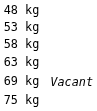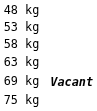 <table>
 <tr>
 <td rowspan=2>48 kg<br></td>
 <td rowspan=2></td>
 <td rowspan=2></td>
 <td></td>
 </tr>
 <tr>
 <td></td>
 </tr>
 <tr>
 <td rowspan=2>53 kg<br></td>
 <td rowspan=2></td>
 <td rowspan=2></td>
 <td></td>
 </tr>
 <tr>
 <td></td>
 </tr>
 <tr>
 <td rowspan=2>58 kg<br></td>
 <td rowspan=2></td>
 <td rowspan=2></td>
 <td></td>
 </tr>
 <tr>
 <td></td>
 </tr>
 <tr>
 <td rowspan=2>63 kg<br></td>
 <td rowspan=2></td>
 <td rowspan=2></td>
 <td></td>
 </tr>
 <tr>
 <td></td>
 </tr>
 <tr>
 <td rowspan=2>69 kg<br></td>
 <td rowspan=2></td>
 <td rowspan=2></td>
 <td></td>
 </tr>
 <tr>
-<td><em>Vacant</em></td>
+<td><strong><em>Vacant</em></strong></td>
 </tr>
 <tr>
 <td rowspan=2>75 kg<br></td>
 <td rowspan=2></td>
 <td rowspan=2></td>
 <td></td>
 </tr>
 <tr>
 <td></td>
 </tr>
 </table>
